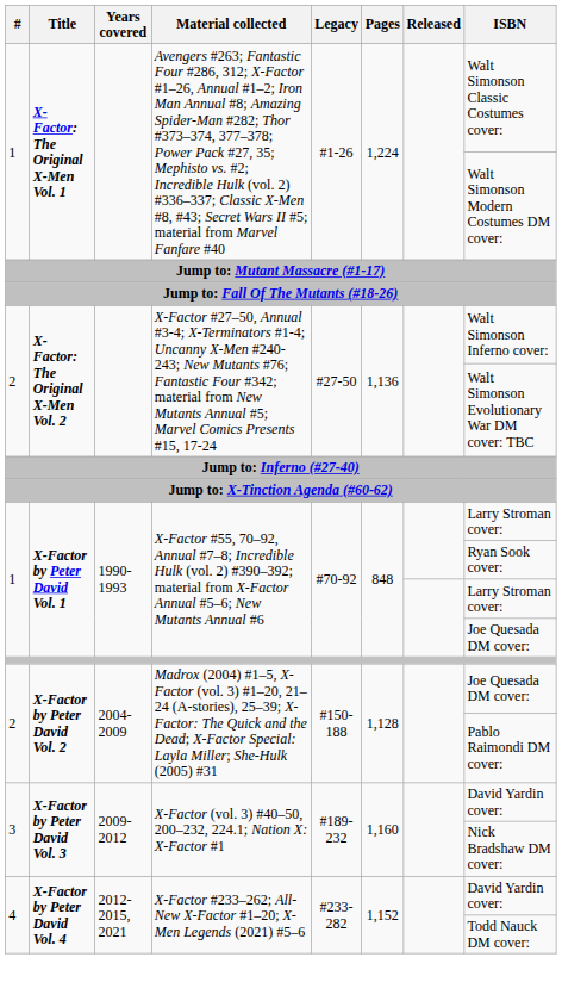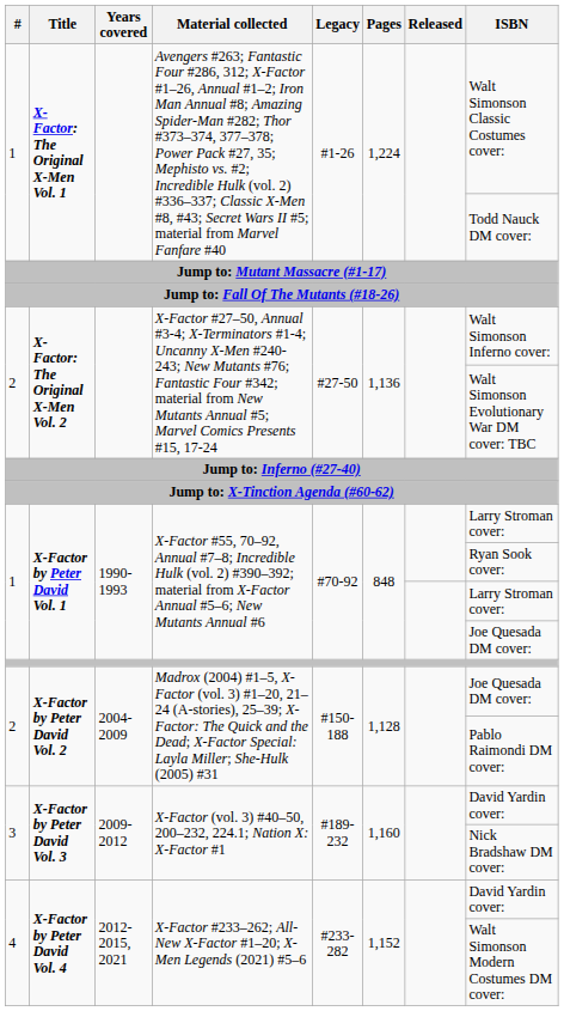 <table class="wikitable sortable" width="99%">
 <tr>
 <th class="unsortable" width="20px">#</th>
 <th>Title</th>
 <th>Years covered</th>
 <th class="unsortable">Material collected</th>
 <th>Legacy</th>
 <th>Pages</th>
 <th>Released</th>
 <th class="unsortable">ISBN</th>
 </tr>
 <tr>
 <td rowspan=2>1</td>
 <td rowspan=2><strong><em><a href='#'>X-Factor</a>: The Original X-Men Vol. 1</em></strong></td>
 <td rowspan=2></td>
 <td rowspan=2><em>Avengers</em> #263; <em>Fantastic Four</em> #286, 312; <em>X-Factor</em> #1–26, <em>Annual</em> #1–2; <em>Iron Man Annual</em> #8; <em>Amazing Spider-Man</em> #282; <em>Thor</em> #373–374, 377–378; <em>Power Pack</em> #27, 35; <em>Mephisto vs.</em> #2; <em>Incredible Hulk</em> (vol. 2) #336–337; <em>Classic X-Men</em> #8, #43; <em>Secret Wars II</em> #5; material from <em>Marvel Fanfare</em> #40</td>
 <td rowspan=2 style="text-align: center;">#1-26</td>
 <td rowspan=2 style="text-align: center;">1,224</td>
 <td rowspan=2></td>
 <td>Walt Simonson Classic Costumes cover: </td>
 </tr>
 <tr>
-<td>Walt Simonson Modern Costumes  DM cover: </td>
+<td>Todd Nauck DM cover: </td>
 </tr>
 <tr>
 <th colspan=8 style="background-color: silver;">Jump to: <em><a href='#'>Mutant Massacre (#1-17)</a></em></th>
 </tr>
 <tr>
 <th colspan=8 style="background-color: silver;">Jump to: <em><a href='#'>Fall Of The Mutants (#18-26)</a></em></th>
 </tr>
 <tr>
 <td rowspan=2>2</td>
 <td rowspan=2><strong><em>X-Factor: The Original X-Men Vol. 2</em></strong></td>
 <td rowspan=2></td>
 <td rowspan=2><em>X-Factor</em> #27–50, <em>Annual</em> #3-4; <em>X-Terminators</em> #1-4; <em>Uncanny X-Men</em> #240-243; <em>New Mutants</em> #76; <em>Fantastic Four</em> #342; material from <em>New Mutants Annual</em> #5; <em>Marvel Comics Presents</em> #15, 17-24</td>
 <td rowspan=2 style="text-align: center;">#27-50</td>
 <td rowspan=2 style="text-align: center;">1,136</td>
 <td rowspan=2></td>
 <td>Walt Simonson Inferno cover: </td>
 </tr>
 <tr>
 <td>Walt Simonson Evolutionary War DM cover: TBC</td>
 </tr>
 <tr>
 <th colspan=8 style="background-color: silver;">Jump to: <em><a href='#'>Inferno (#27-40)</a></em></th>
 </tr>
 <tr>
 <th colspan=8 style="background-color: silver;">Jump to: <em><a href='#'>X-Tinction Agenda (#60-62)</a></em></th>
 </tr>
 <tr>
 <td rowspan=4>1</td>
 <td rowspan=4><strong><em>X-Factor by <a href='#'>Peter David</a> Vol. 1</em></strong></td>
 <td rowspan=4>1990-1993</td>
 <td rowspan=4><em>X-Factor</em> #55, 70–92, <em>Annual</em> #7–8; <em>Incredible Hulk</em> (vol. 2) #390–392; material from <em>X-Factor Annual</em> #5–6; <em>New Mutants Annual</em> #6</td>
 <td rowspan=4 style="text-align: center;">#70-92</td>
 <td rowspan=4 style="text-align: center;">848</td>
 <td rowspan=2></td>
 <td>Larry Stroman cover: </td>
 </tr>
 <tr>
 <td>Ryan Sook cover: </td>
 </tr>
 <tr>
 <td rowspan=2></td>
 <td>Larry Stroman cover: </td>
 </tr>
 <tr>
 <td>Joe Quesada DM cover: </td>
 </tr>
 <tr>
 <th colspan=8 style="background-color: silver;"></th>
 </tr>
 <tr>
 <td rowspan=2>2</td>
 <td rowspan=2><strong><em>X-Factor by Peter David Vol. 2</em></strong></td>
 <td rowspan=2>2004-2009</td>
 <td rowspan=2><em>Madrox</em> (2004) #1–5, <em>X-Factor</em> (vol. 3) #1–20, 21–24 (A-stories), 25–39; <em>X-Factor: The Quick and the Dead</em>; <em>X-Factor Special: Layla Miller</em>; <em>She-Hulk</em> (2005) #31</td>
 <td rowspan=2 style="text-align: center;">#150-188</td>
 <td rowspan=2 style="text-align: center;">1,128</td>
 <td rowspan=2></td>
 <td>Joe Quesada DM cover: </td>
 </tr>
 <tr>
 <td>Pablo Raimondi DM cover: </td>
 </tr>
 <tr>
 <td rowspan=2>3</td>
 <td rowspan=2><strong><em>X-Factor by Peter David Vol. 3</em></strong></td>
 <td rowspan=2>2009-2012</td>
 <td rowspan=2><em>X-Factor</em> (vol. 3) #40–50, 200–232, 224.1; <em>Nation X: X-Factor</em> #1</td>
 <td rowspan=2 style="text-align: center;">#189-232</td>
 <td rowspan=2 style="text-align: center;">1,160</td>
 <td rowspan=2></td>
 <td>David Yardin cover: </td>
 </tr>
 <tr>
 <td>Nick Bradshaw DM cover: </td>
 </tr>
 <tr>
 <td rowspan=2>4</td>
 <td rowspan=2><strong><em>X-Factor by Peter David Vol. 4</em></strong></td>
 <td rowspan=2>2012-2015, 2021</td>
 <td rowspan=2><em>X-Factor</em> #233–262; <em>All-New X-Factor</em> #1–20; <em>X-Men Legends</em> (2021) #5–6</td>
 <td rowspan=2 style="text-align: center;">#233-282</td>
 <td style="text-align: center;" rowspan=2>1,152</td>
 <td rowspan=2></td>
 <td>David Yardin cover: </td>
 </tr>
 <tr>
-<td>Todd Nauck DM cover: </td>
+<td>Walt Simonson Modern Costumes  DM cover: </td>
 </tr>
 </table>
